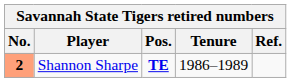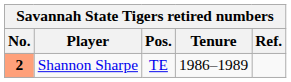 <table class="wikitable" style="text-align:center">
 <tr>
 <th colspan=5 style =><strong>Savannah State Tigers retired numbers</strong></th>
 </tr>
 <tr>
 <th style = >No.</th>
 <th style = >Player</th>
 <th style = >Pos.</th>
 <th style = >Tenure</th>
 <th style = >Ref.</th>
 </tr>
 <tr>
 <td style="background: lightsalmon;"><strong>2</strong></td>
 <td><a href='#'>Shannon Sharpe</a></td>
-<td><strong><a href='#'>TE</a></strong></td>
+<td><a href='#'>TE</a></td>
 <td>1986–1989</td>
 <td></td>
 </tr>
 </table>
